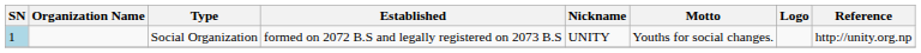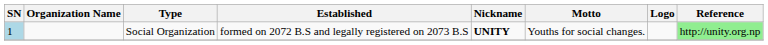 <table class="wikitable">
 <tr>
 <th>SN</th>
 <th>Organization Name</th>
 <th>Type</th>
 <th>Established</th>
 <th>Nickname</th>
 <th>Motto</th>
 <th>Logo</th>
 <th>Reference</th>
 </tr>
 <tr>
 <td style="background: lightblue;">1</td>
 <td></td>
 <td>Social Organization</td>
 <td>formed on 2072 B.S and legally registered on 2073 B.S</td>
-<td>UNITY</td>
+<td><strong>UNITY</strong></td>
 <td>Youths for social changes.</td>
 <td></td>
-<td>http://unity.org.np</td>
+<td style="background: lightgreen;">http://unity.org.np</td>
 </tr>
 <tr>
 </tr>
 </table>
